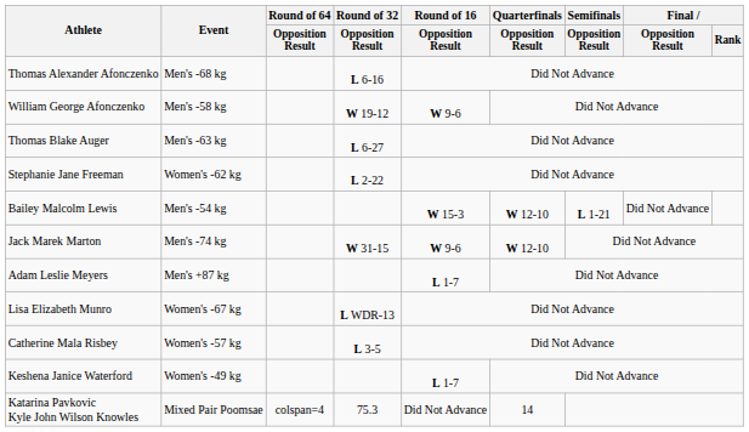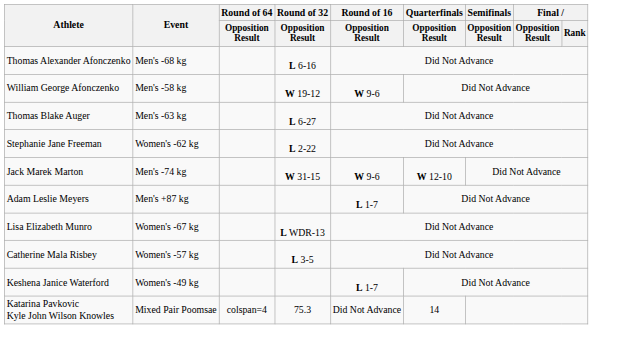 <table class="wikitable" style="font-size:90%">
 <tr>
 <th rowspan="2">Athlete</th>
 <th rowspan="2">Event</th>
 <th>Round of 64</th>
 <th>Round of 32</th>
 <th>Round of 16</th>
 <th>Quarterfinals</th>
 <th>Semifinals</th>
 <th colspan=2>Final / </th>
 </tr>
 <tr style="font-size:95%">
 <th>Opposition<br>Result</th>
 <th>Opposition<br>Result</th>
 <th>Opposition<br>Result</th>
 <th>Opposition<br>Result</th>
 <th>Opposition<br>Result</th>
 <th>Opposition<br>Result</th>
 <th>Rank</th>
 </tr>
 <tr align=center>
 <td align=left>Thomas Alexander Afonczenko</td>
 <td align=left>Men's -68 kg</td>
 <td></td>
 <td><br><strong>L</strong> 6-16</td>
 <td colspan=5>Did Not Advance</td>
 </tr>
 <tr align=center>
 <td align=left>William George Afonczenko</td>
 <td align=left>Men's -58 kg</td>
 <td></td>
 <td><br><strong>W</strong> 19-12</td>
 <td><br><strong>W</strong> 9-6</td>
 <td colspan=4>Did Not Advance</td>
 </tr>
 <tr align=center>
 <td align=left>Thomas Blake Auger</td>
 <td align=left>Men's -63 kg</td>
 <td></td>
 <td><br><strong>L</strong> 6-27</td>
 <td colspan=5>Did Not Advance</td>
 </tr>
 <tr align=center>
 <td align=left>Stephanie Jane Freeman</td>
 <td align=left>Women's -62 kg</td>
 <td></td>
 <td><br><strong>L</strong> 2-22</td>
 <td colspan=5>Did Not Advance</td>
 </tr>
 <tr align=center>
-<td align=left>Bailey Malcolm Lewis</td>
-<td align=left>Men's -54 kg</td>
-<td></td>
-<td></td>
-<td><br><strong>W</strong> 15-3</td>
-<td><br><strong>W</strong> 12-10</td>
-<td><br><strong>L</strong> 1-21</td>
-<td>Did Not Advance</td>
-<td></td>
-</tr>
-<tr align=center>
 <td align=left>Jack Marek Marton</td>
 <td align=left>Men's -74 kg</td>
 <td></td>
 <td><br><strong>W</strong> 31-15</td>
 <td><br><strong>W</strong> 9-6</td>
 <td><br><strong>W</strong> 12-10</td>
 <td colspan=3>Did Not Advance</td>
 </tr>
 <tr align=center>
 <td align=left>Adam Leslie Meyers</td>
 <td align=left>Men's +87 kg</td>
 <td></td>
 <td></td>
 <td><br><strong>L</strong> 1-7</td>
 <td colspan=4>Did Not Advance</td>
 </tr>
 <tr align=center>
 <td align=left>Lisa Elizabeth Munro</td>
 <td align=left>Women's -67 kg</td>
 <td></td>
 <td><br><strong>L</strong> WDR-13</td>
 <td colspan=5>Did Not Advance</td>
 </tr>
 <tr align=center>
 <td align=left>Catherine Mala Risbey</td>
 <td align=left>Women's -57 kg</td>
 <td></td>
 <td><br><strong>L</strong> 3-5</td>
 <td colspan=5>Did Not Advance</td>
 </tr>
 <tr align=center>
 <td align=left>Keshena Janice Waterford</td>
 <td align=left>Women's -49 kg</td>
 <td></td>
 <td></td>
 <td><br><strong>L</strong> 1-7</td>
 <td colspan=4>Did Not Advance</td>
 </tr>
 <tr align=center>
 <td align=left>Katarina Pavkovic<br>Kyle John Wilson Knowles</td>
 <td align=left>Mixed Pair Poomsae</td>
 <td>colspan=4 </td>
 <td>75.3</td>
 <td>Did Not Advance</td>
 <td>14</td>
 </tr>
 </table>
